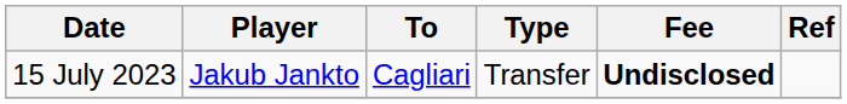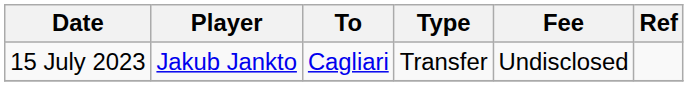 <table class="wikitable">
 <tr>
 <th>Date</th>
 <th>Player</th>
 <th>To</th>
 <th>Type</th>
 <th>Fee</th>
 <th>Ref</th>
 </tr>
 <tr>
 <td>15 July 2023</td>
 <td> <a href='#'>Jakub Jankto</a></td>
 <td> <a href='#'>Cagliari</a></td>
 <td>Transfer</td>
-<td><strong>Undisclosed</strong></td>
+<td>Undisclosed</td>
 <td></td>
 </tr>
 <tr>
 </tr>
 </table>
